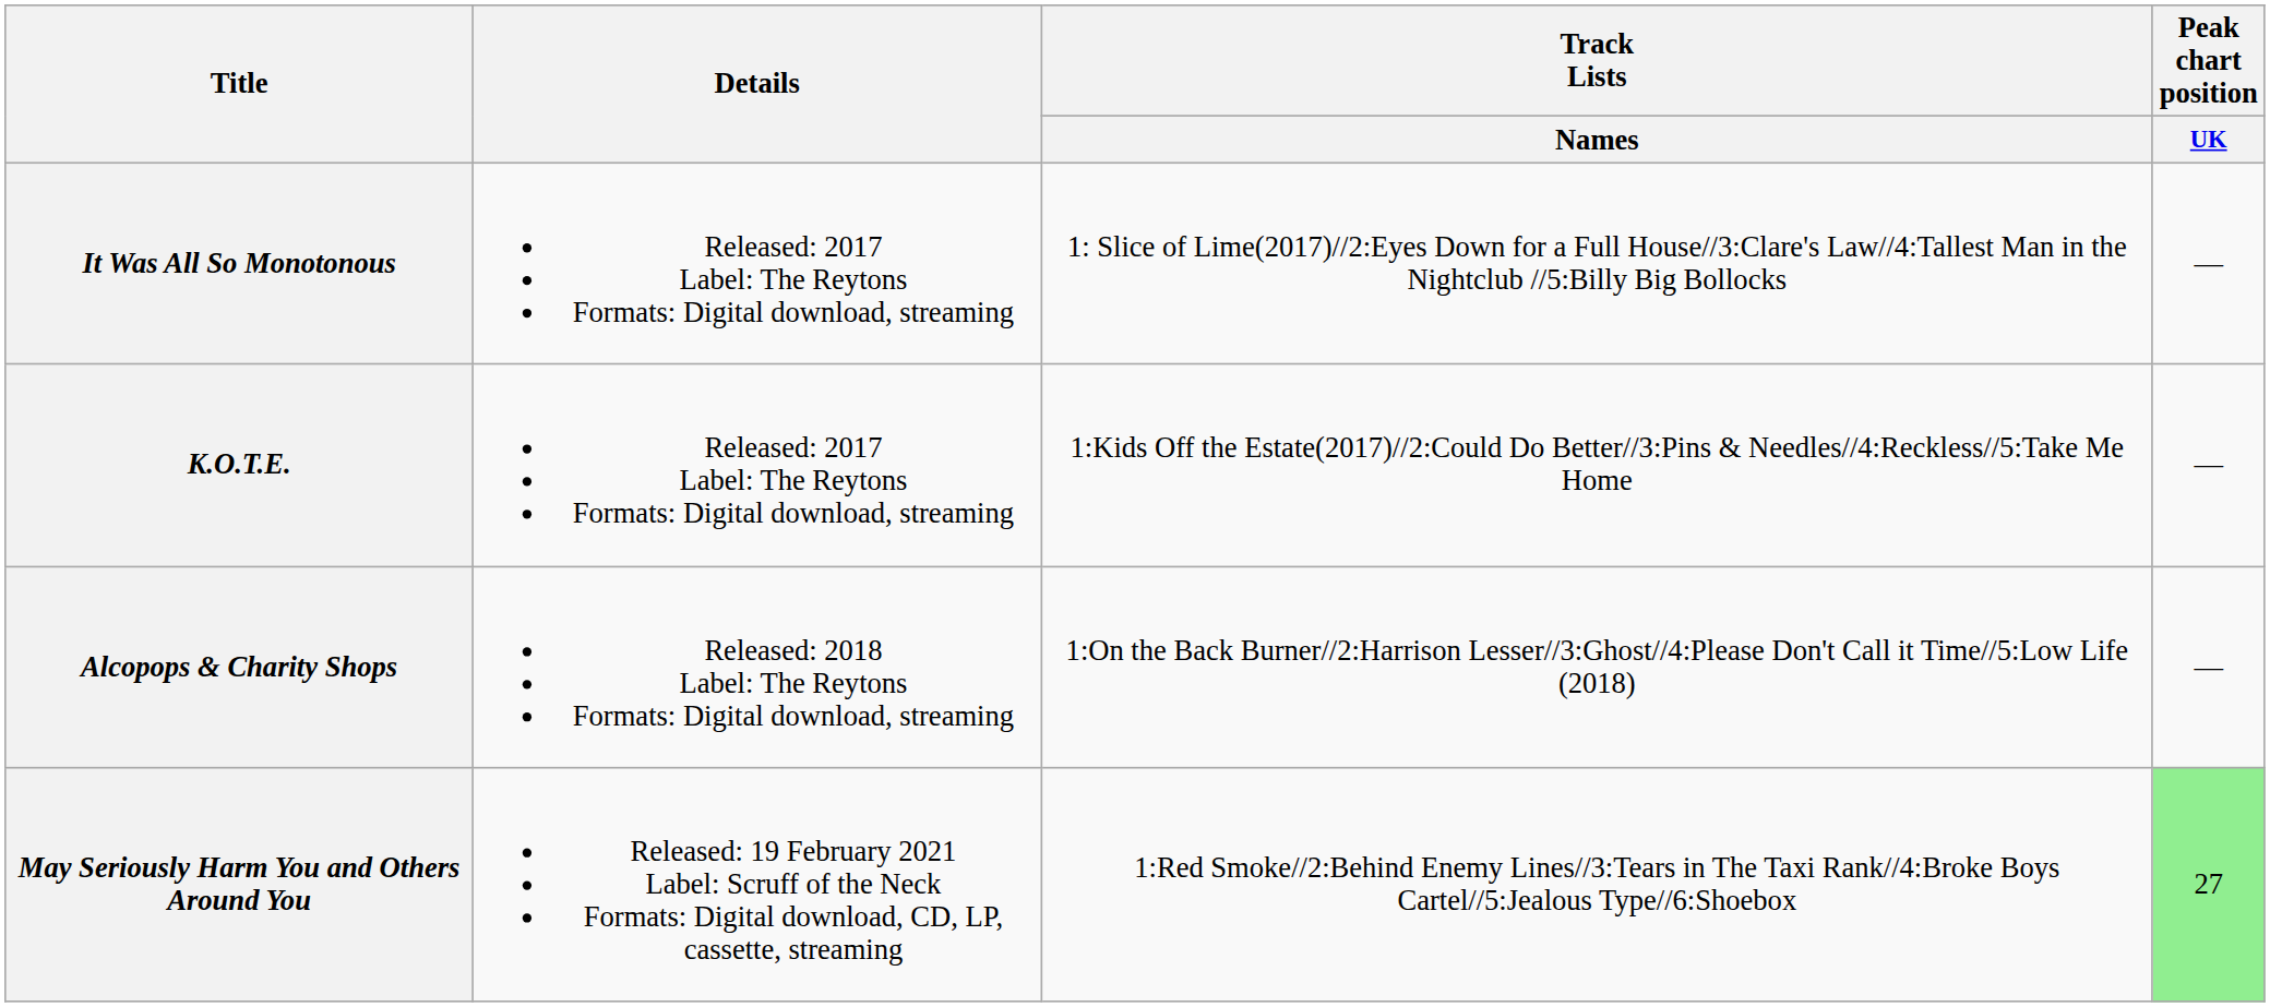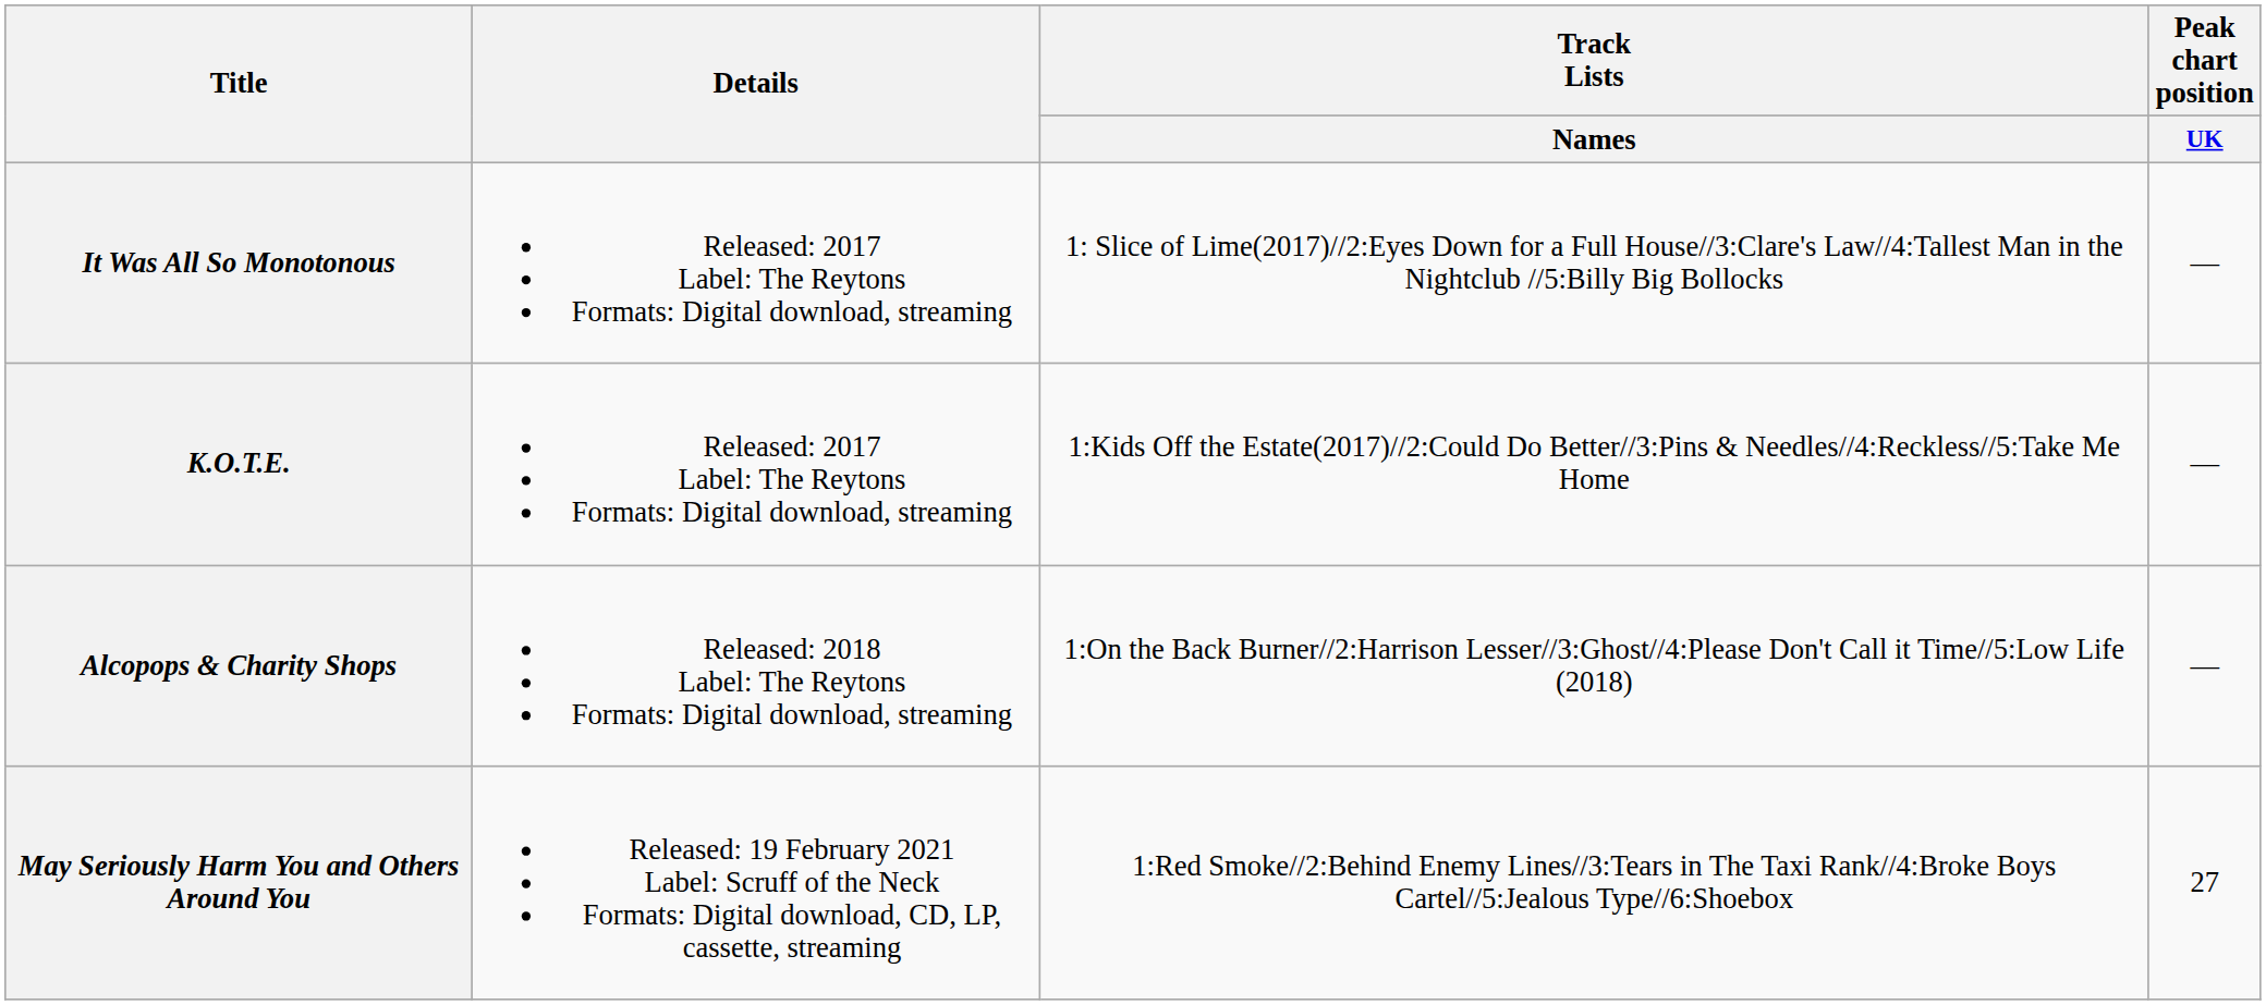 <table class="wikitable plainrowheaders" style="text-align:center;">
 <tr>
 <th scope="col" rowspan="2">Title</th>
 <th scope="col" rowspan="2">Details</th>
 <th>Track<br>Lists</th>
 <th scope="col">Peak chart position</th>
 </tr>
 <tr>
 <th>Names</th>
 <th scope="col" style="width:3em;font-size:85%;"><a href='#'>UK</a><br></th>
 </tr>
 <tr>
 <th scope="row"><em>It Was All So Monotonous</em></th>
 <td><br><ul><li>Released: 2017</li><li>Label: The Reytons</li><li>Formats: Digital download, streaming</li></ul></td>
 <td>1: Slice of Lime(2017)//2:Eyes Down for a Full House//3:Clare's Law//4:Tallest Man in the Nightclub //5:Billy Big Bollocks</td>
 <td>—</td>
 </tr>
 <tr>
 <th scope="row"><em>K.O.T.E.</em></th>
 <td><br><ul><li>Released: 2017</li><li>Label: The Reytons</li><li>Formats: Digital download, streaming</li></ul></td>
 <td>1:Kids Off the Estate(2017)//2:Could Do Better//3:Pins & Needles//4:Reckless//5:Take Me Home</td>
 <td>—</td>
 </tr>
 <tr>
 <th scope="row"><em>Alcopops & Charity Shops</em></th>
 <td><br><ul><li>Released: 2018</li><li>Label: The Reytons</li><li>Formats: Digital download, streaming</li></ul></td>
 <td>1:On the Back Burner//2:Harrison Lesser//3:Ghost//4:Please Don't Call it Time//5:Low Life (2018)</td>
 <td>—</td>
 </tr>
 <tr>
 <th scope="row"><em>May Seriously Harm You and Others Around You</em></th>
 <td><br><ul><li>Released: 19 February 2021</li><li>Label: Scruff of the Neck</li><li>Formats: Digital download, CD, LP, cassette, streaming</li></ul></td>
 <td>1:Red Smoke//2:Behind Enemy Lines//3:Tears in The Taxi Rank//4:Broke Boys Cartel//5:Jealous Type//6:Shoebox</td>
-<td style="background: lightgreen;">27</td>
+<td>27</td>
 </tr>
 </table>
